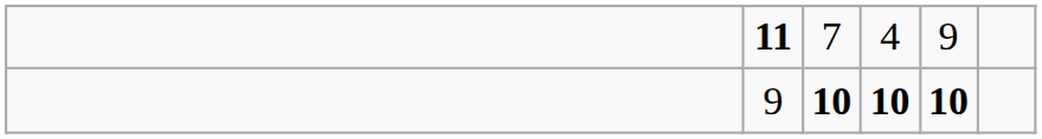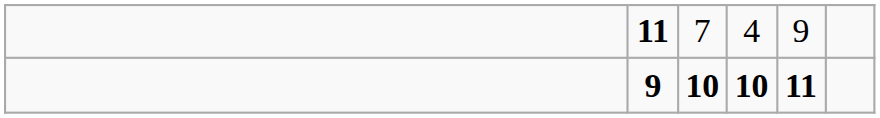 <table class="wikitable">
 <tr>
 <td style="width:18em"></td>
 <td align=center style="width:1em"><strong>11</strong></td>
 <td align=center style="width:1em">7</td>
 <td align=center style="width:1em">4</td>
 <td align=center style="width:1em">9</td>
 <td align=center style="width:1em"></td>
 </tr>
 <tr>
 <td style="width:18em"></td>
-<td align=center style="width:1em">9</td>
+<td align=center style="width:1em"><strong>9</strong></td>
 <td align=center style="width:1em"><strong>10</strong></td>
 <td align=center style="width:1em"><strong>10</strong></td>
-<td align=center style="width:1em"><strong>10</strong></td>
+<td align=center style="width:1em"><strong>11</strong></td>
 <td align=center style="width:1em"></td>
 </tr>
 </table>
